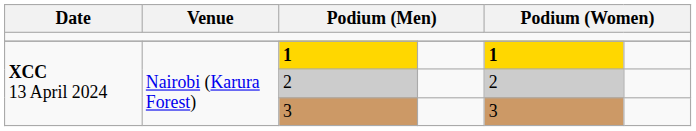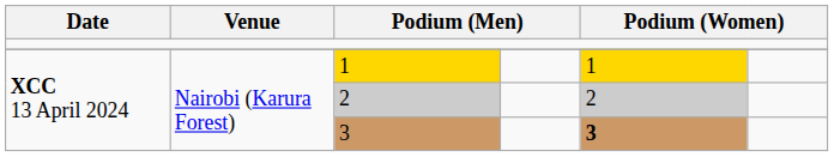 <table class="wikitable" width=70%>
 <tr>
 <th>Date</th>
 <th width=20%>Venue</th>
 <th colspan=2 width=30%>Podium (Men)</th>
 <th colspan=2 width=30%>Podium (Women)</th>
 </tr>
 <tr>
 <td colspan=6></td>
 </tr>
 <tr>
 </tr>
 <tr>
 <td rowspan=3><strong>XCC</strong> <br> 13 April 2024</td>
 <td rowspan=3><br><a href='#'>Nairobi</a> (<a href='#'>Karura Forest</a>)</td>
-<td bgcolor=FFD700><strong>1</strong></td>
+<td bgcolor=FFD700>1</td>
 <td></td>
-<td bgcolor=FFD700><strong>1</strong></td>
+<td bgcolor=FFD700>1</td>
 <td></td>
 </tr>
 <tr>
 <td bgcolor=CCCCCC>2</td>
 <td></td>
 <td bgcolor=CCCCCC>2</td>
 <td></td>
 </tr>
 <tr>
 <td bgcolor=CC9966>3</td>
 <td></td>
-<td bgcolor=CC9966>3</td>
+<td bgcolor=CC9966><strong>3</strong></td>
 <td></td>
 </tr>
 </table>
